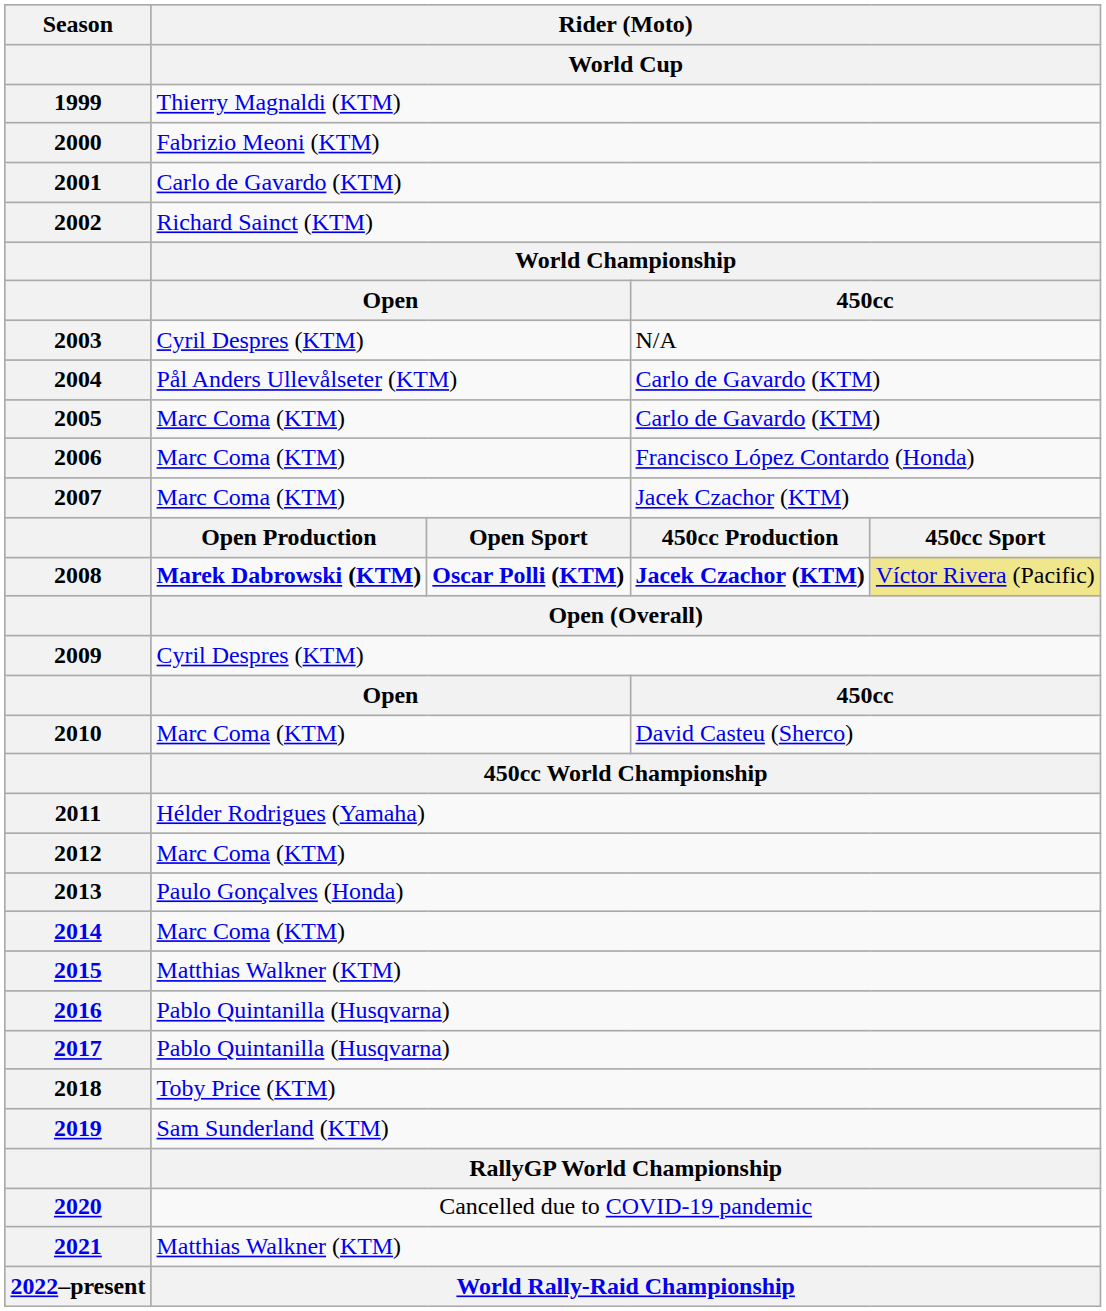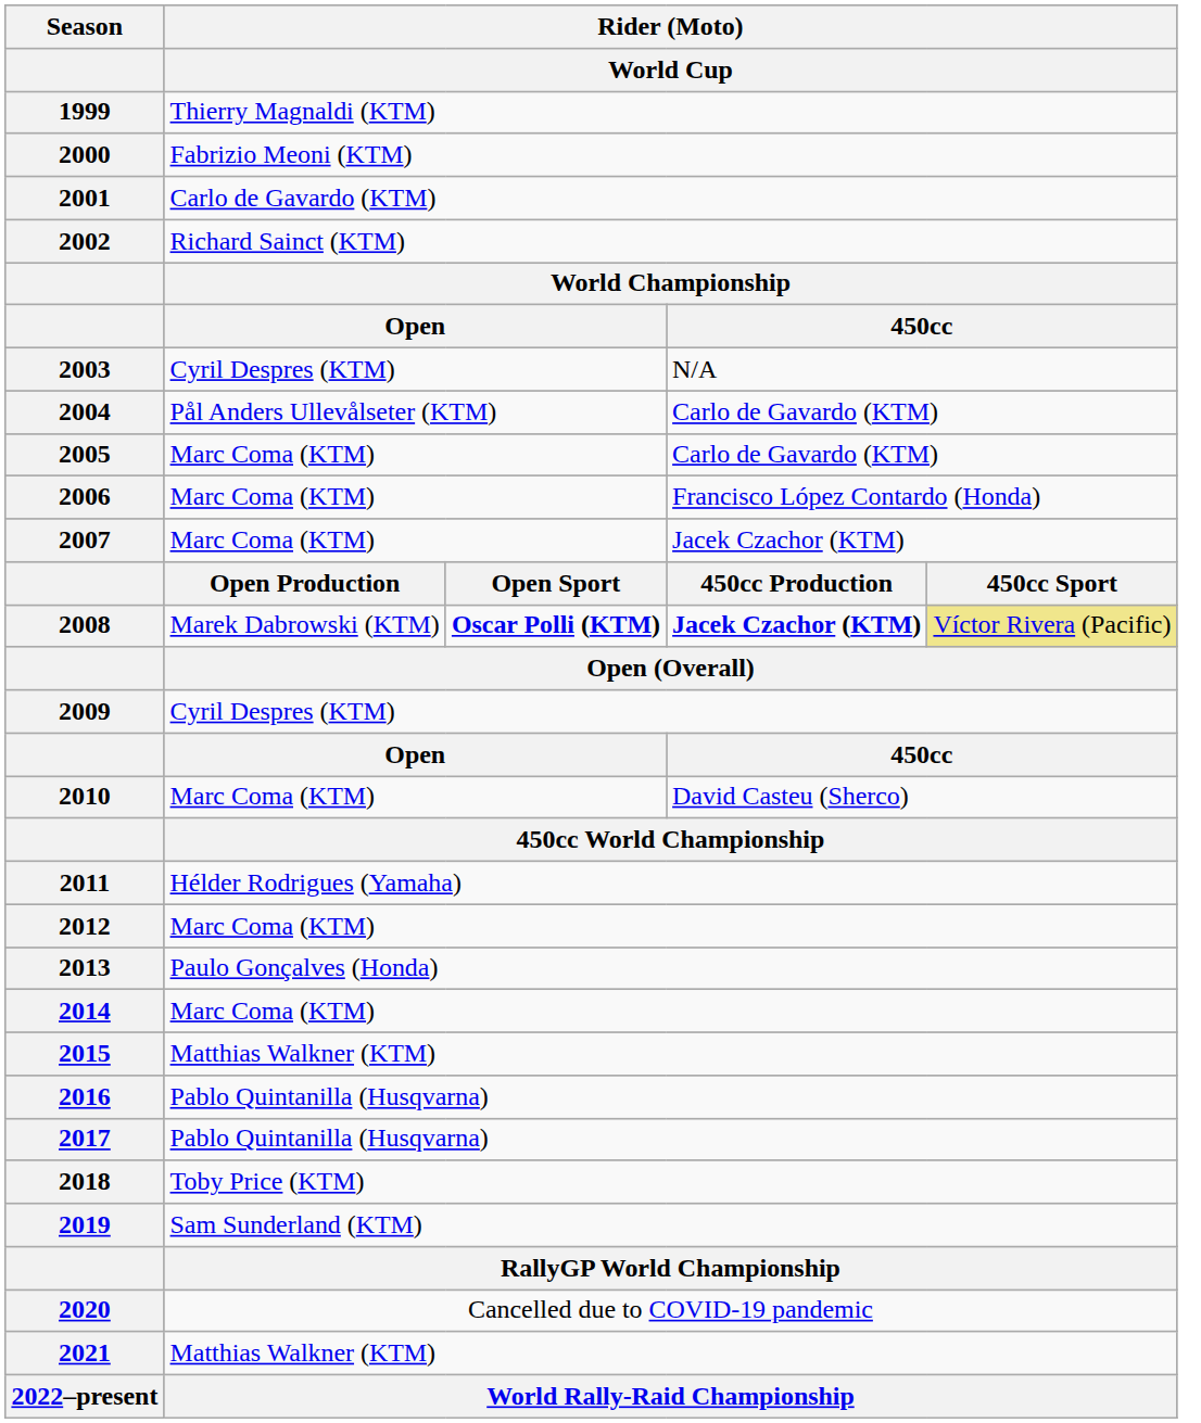 <table class="wikitable" style="font-size: 90%;">
 <tr>
 <th>Season</th>
 <th colspan="4">Rider (Moto)</th>
 </tr>
 <tr>
 <th></th>
 <th colspan="4">World Cup</th>
 </tr>
 <tr>
 <th>1999</th>
 <td colspan="4"> <a href='#'>Thierry Magnaldi</a> (<a href='#'>KTM</a>)</td>
 </tr>
 <tr>
 <th>2000</th>
 <td colspan="4"> <a href='#'>Fabrizio Meoni</a> (<a href='#'>KTM</a>)</td>
 </tr>
 <tr>
 <th>2001</th>
 <td colspan="4"> <a href='#'>Carlo de Gavardo</a> (<a href='#'>KTM</a>)</td>
 </tr>
 <tr>
 <th>2002</th>
 <td colspan="4"> <a href='#'>Richard Sainct</a> (<a href='#'>KTM</a>)</td>
 </tr>
 <tr>
 <th></th>
 <th colspan="4">World Championship</th>
 </tr>
 <tr>
 <th></th>
 <th colspan="2">Open</th>
 <th colspan="2">450cc</th>
 </tr>
 <tr>
 <th>2003</th>
 <td colspan="2"> <a href='#'>Cyril Despres</a> (<a href='#'>KTM</a>)</td>
 <td colspan="2">N/A</td>
 </tr>
 <tr>
 <th>2004</th>
 <td colspan="2"> <a href='#'>Pål Anders Ullevålseter</a> (<a href='#'>KTM</a>)</td>
 <td colspan="2"> <a href='#'>Carlo de Gavardo</a> (<a href='#'>KTM</a>)</td>
 </tr>
 <tr>
 <th>2005</th>
 <td colspan="2"> <a href='#'>Marc Coma</a> (<a href='#'>KTM</a>)</td>
 <td colspan="2"> <a href='#'>Carlo de Gavardo</a> (<a href='#'>KTM</a>)</td>
 </tr>
 <tr>
 <th>2006</th>
 <td colspan="2"> <a href='#'>Marc Coma</a> (<a href='#'>KTM</a>)</td>
 <td colspan="2"> <a href='#'>Francisco López Contardo</a> (<a href='#'>Honda</a>)</td>
 </tr>
 <tr>
 <th>2007</th>
 <td colspan="2"> <a href='#'>Marc Coma</a> (<a href='#'>KTM</a>)</td>
 <td colspan="2"> <a href='#'>Jacek Czachor</a> (<a href='#'>KTM</a>)</td>
 </tr>
 <tr>
 <th></th>
 <th>Open Production</th>
 <th>Open Sport</th>
 <th>450cc Production</th>
 <th>450cc Sport</th>
 </tr>
 <tr>
 <th>2008</th>
-<td><strong> <a href='#'>Marek Dabrowski</a> (<a href='#'>KTM</a>)</strong></td>
+<td> <a href='#'>Marek Dabrowski</a> (<a href='#'>KTM</a>)</td>
 <td><strong> <a href='#'>Oscar Polli</a> (<a href='#'>KTM</a>)</strong></td>
 <td><strong> <a href='#'>Jacek Czachor</a> (<a href='#'>KTM</a>)</strong></td>
 <td style="background: khaki;"> <a href='#'>Víctor Rivera</a> (Pacific)</td>
 </tr>
 <tr>
 <th></th>
 <th colspan="4">Open (Overall)</th>
 </tr>
 <tr>
 <th>2009</th>
 <td colspan="4"> <a href='#'>Cyril Despres</a> (<a href='#'>KTM</a>)</td>
 </tr>
 <tr>
 <th></th>
 <th colspan="2">Open</th>
 <th colspan="2">450cc</th>
 </tr>
 <tr>
 <th>2010</th>
 <td colspan="2"> <a href='#'>Marc Coma</a> (<a href='#'>KTM</a>)</td>
 <td colspan="2"> <a href='#'>David Casteu</a> (<a href='#'>Sherco</a>)</td>
 </tr>
 <tr>
 <th></th>
 <th colspan="4">450cc World Championship</th>
 </tr>
 <tr>
 <th>2011</th>
 <td colspan="4"> <a href='#'>Hélder Rodrigues</a> (<a href='#'>Yamaha</a>)</td>
 </tr>
 <tr>
 <th>2012</th>
 <td colspan="4"> <a href='#'>Marc Coma</a> (<a href='#'>KTM</a>)</td>
 </tr>
 <tr>
 <th>2013</th>
 <td colspan="4"> <a href='#'>Paulo Gonçalves</a> (<a href='#'>Honda</a>)</td>
 </tr>
 <tr>
 <th><a href='#'>2014</a></th>
 <td colspan="4"> <a href='#'>Marc Coma</a> (<a href='#'>KTM</a>)</td>
 </tr>
 <tr>
 <th><a href='#'>2015</a></th>
 <td colspan="4"> <a href='#'>Matthias Walkner</a> (<a href='#'>KTM</a>)</td>
 </tr>
 <tr>
 <th><a href='#'>2016</a></th>
 <td colspan="4"> <a href='#'>Pablo Quintanilla</a> (<a href='#'>Husqvarna</a>)</td>
 </tr>
 <tr>
 <th><a href='#'>2017</a></th>
 <td colspan="4"> <a href='#'>Pablo Quintanilla</a> (<a href='#'>Husqvarna</a>)</td>
 </tr>
 <tr>
 <th>2018</th>
 <td colspan="4"> <a href='#'>Toby Price</a> (<a href='#'>KTM</a>)</td>
 </tr>
 <tr>
 <th><a href='#'>2019</a></th>
 <td colspan="4"> <a href='#'>Sam Sunderland</a> (<a href='#'>KTM</a>)</td>
 </tr>
 <tr>
 <th></th>
 <th colspan="4">RallyGP World Championship</th>
 </tr>
 <tr>
 <th><a href='#'>2020</a></th>
 <td colspan="4" align=center>Cancelled due to <a href='#'>COVID-19 pandemic</a></td>
 </tr>
 <tr>
 <th><a href='#'>2021</a></th>
 <td colspan="4"> <a href='#'>Matthias Walkner</a> (<a href='#'>KTM</a>)</td>
 </tr>
 <tr>
 <th><a href='#'>2022</a>–present</th>
 <th colspan="4"><a href='#'>World Rally-Raid Championship</a></th>
 </tr>
 </table>
